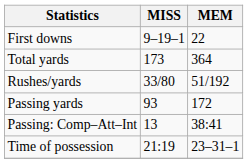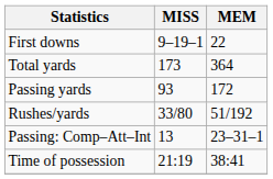 <table class="wikitable" style="float: left;">
 <tr>
 <th>Statistics</th>
 <th>MISS</th>
 <th>MEM</th>
 </tr>
 <tr>
 <td>First downs</td>
 <td>9–19–1</td>
 <td>22</td>
 </tr>
 <tr>
 <td>Total yards</td>
 <td>173</td>
 <td>364</td>
 </tr>
 <tr>
+<td>Passing yards</td>
+<td>93</td>
+<td>172</td>
+</tr>
+<tr>
 <td>Rushes/yards</td>
 <td>33/80</td>
 <td>51/192</td>
 </tr>
 <tr>
-<td>Passing yards</td>
-<td>93</td>
-<td>172</td>
-</tr>
-<tr>
 <td>Passing: Comp–Att–Int</td>
 <td>13</td>
-<td>38:41</td>
+<td>23–31–1</td>
 </tr>
 <tr>
 <td>Time of possession</td>
 <td>21:19</td>
-<td>23–31–1</td>
+<td>38:41</td>
 </tr>
 <tr>
 </tr>
 </table>
